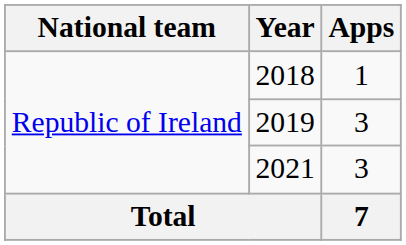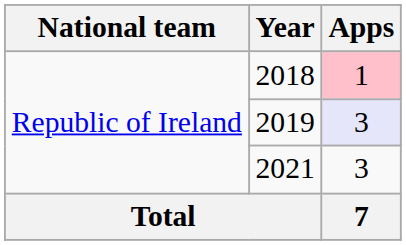 <table class="sortable wikitable" style="text-align:center">
 <tr>
 <th scope="col">National team</th>
 <th scope="col">Year</th>
 <th !scope="col">Apps</th>
 </tr>
 <tr>
 <td rowspan="3"><a href='#'>Republic of Ireland</a></td>
 <td scope="row">2018</td>
-<td>1</td>
+<td style="background: pink;">1</td>
 </tr>
 <tr>
 <td scope="row">2019</td>
-<td>3</td>
+<td style="background: lavender;">3</td>
 </tr>
 <tr>
 <td scope="row">2021</td>
 <td>3</td>
 </tr>
 <tr>
 <th colspan="2">Total</th>
 <th>7</th>
 </tr>
 </table>
